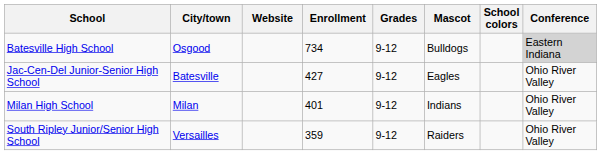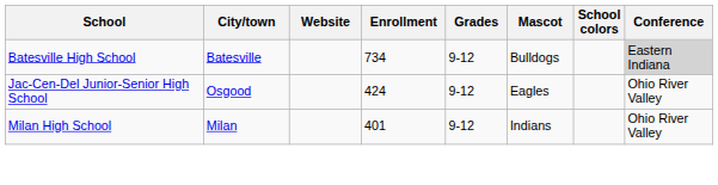 <table class="wikitable sortable" width="70%">
 <tr>
 <th width="20%">School</th>
 <th width="08%">City/town</th>
 <th width="06%">Website</th>
 <th width="04%">Enrollment</th>
 <th width="04%">Grades</th>
 <th width="04%">Mascot</th>
 <th width=01%>School colors</th>
 <th width="04%">Conference</th>
 </tr>
 <tr>
 <td><a href='#'>Batesville High School</a></td>
-<td><a href='#'>Osgood</a></td>
+<td><a href='#'>Batesville</a></td>
 <td></td>
 <td>734</td>
 <td>9-12</td>
 <td>Bulldogs</td>
 <td> </td>
 <td style="background: lightgrey;">Eastern Indiana</td>
 </tr>
 <tr>
 <td><a href='#'>Jac-Cen-Del Junior-Senior High School</a></td>
-<td><a href='#'>Batesville</a></td>
+<td><a href='#'>Osgood</a></td>
 <td></td>
-<td>427</td>
+<td>424</td>
 <td>9-12</td>
 <td>Eagles</td>
 <td>  </td>
 <td>Ohio River Valley</td>
 </tr>
 <tr>
 <td><a href='#'>Milan High School</a></td>
 <td><a href='#'>Milan</a></td>
 <td></td>
 <td>401</td>
 <td>9-12</td>
 <td>Indians</td>
 <td> </td>
 <td>Ohio River Valley</td>
 </tr>
-<tr>
-<td><a href='#'>South Ripley Junior/Senior High School</a></td>
-<td><a href='#'>Versailles</a></td>
-<td></td>
-<td>359</td>
-<td>9-12</td>
-<td>Raiders</td>
-<td>  </td>
-<td>Ohio River Valley</td>
-</tr>
 </table>
